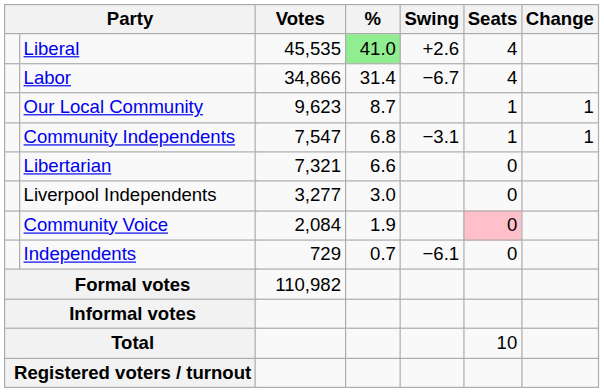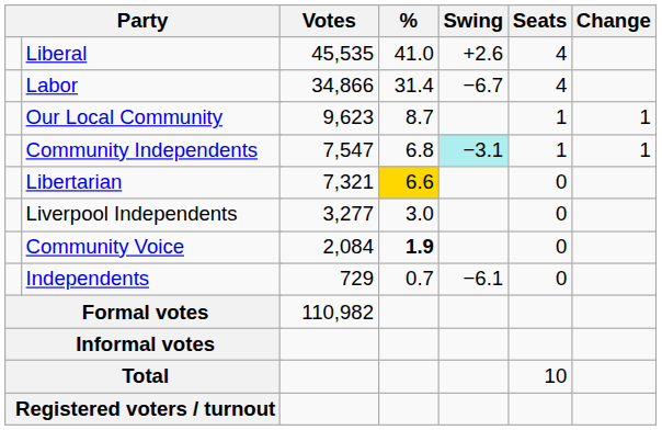 <table class="wikitable" style="text-align:right; margin-bottom:0">
 <tr>
 <th style="width:10px" colspan=3>Party</th>
 <th style="width:70px;">Votes</th>
 <th style="width:40px;">%</th>
 <th style="width:40px;">Swing</th>
 <th style="width:40px;">Seats</th>
 <th style="width:40px;">Change</th>
 </tr>
 <tr>
 <td> </td>
 <td style="text-align:left;" colspan="2"><a href='#'>Liberal</a></td>
 <td>45,535</td>
-<td style="background: lightgreen;">41.0</td>
+<td>41.0</td>
 <td>+2.6</td>
 <td>4</td>
 <td></td>
 </tr>
 <tr>
 <td> </td>
 <td style="text-align:left;" colspan="2"><a href='#'>Labor</a></td>
 <td>34,866</td>
 <td>31.4</td>
 <td>−6.7</td>
 <td>4</td>
 <td></td>
 </tr>
 <tr>
 <td> </td>
 <td style="text-align:left;" colspan="2"><a href='#'>Our Local Community</a></td>
 <td>9,623</td>
 <td>8.7</td>
 <td></td>
 <td>1</td>
 <td> 1</td>
 </tr>
 <tr>
 <td> </td>
 <td style="text-align:left;" colspan="2"><a href='#'>Community Independents</a></td>
 <td>7,547</td>
 <td>6.8</td>
-<td>−3.1</td>
+<td style="background: paleturquoise;">−3.1</td>
 <td>1</td>
 <td> 1</td>
 </tr>
 <tr>
 <td> </td>
 <td style="text-align:left;" colspan="2"><a href='#'>Libertarian</a></td>
 <td>7,321</td>
-<td>6.6</td>
+<td style="background: gold;">6.6</td>
 <td></td>
 <td>0</td>
 <td></td>
 </tr>
 <tr>
 <td> </td>
 <td style="text-align:left;" colspan="2">Liverpool Independents</td>
 <td>3,277</td>
 <td>3.0</td>
 <td></td>
 <td>0</td>
 <td></td>
 </tr>
 <tr>
 <td> </td>
 <td style="text-align:left;" colspan="2"><a href='#'>Community Voice</a></td>
 <td>2,084</td>
-<td>1.9</td>
+<td><strong>1.9</strong></td>
 <td></td>
-<td style="background: pink;">0</td>
+<td>0</td>
 <td></td>
 </tr>
 <tr>
 <td> </td>
 <td style="text-align:left;" colspan="2"><a href='#'>Independents</a></td>
 <td>729</td>
 <td>0.7</td>
 <td>−6.1</td>
 <td>0</td>
 <td></td>
 </tr>
 <tr>
 <th colspan="3" rowspan="1"> Formal votes</th>
 <td>110,982</td>
 <td></td>
 <td></td>
 <td></td>
 <td></td>
 </tr>
 <tr>
 <th colspan="3" rowspan="1"> Informal votes</th>
 <td></td>
 <td></td>
 <td></td>
 <td></td>
 <td></td>
 </tr>
 <tr>
 <th colspan="3" rowspan="1"> <strong>Total </strong></th>
 <td></td>
 <td></td>
 <td></td>
 <td>10</td>
 <td></td>
 </tr>
 <tr>
 <th colspan="3" rowspan="1"> Registered voters / turnout</th>
 <td></td>
 <td></td>
 <td></td>
 <td></td>
 <td></td>
 </tr>
 </table>
